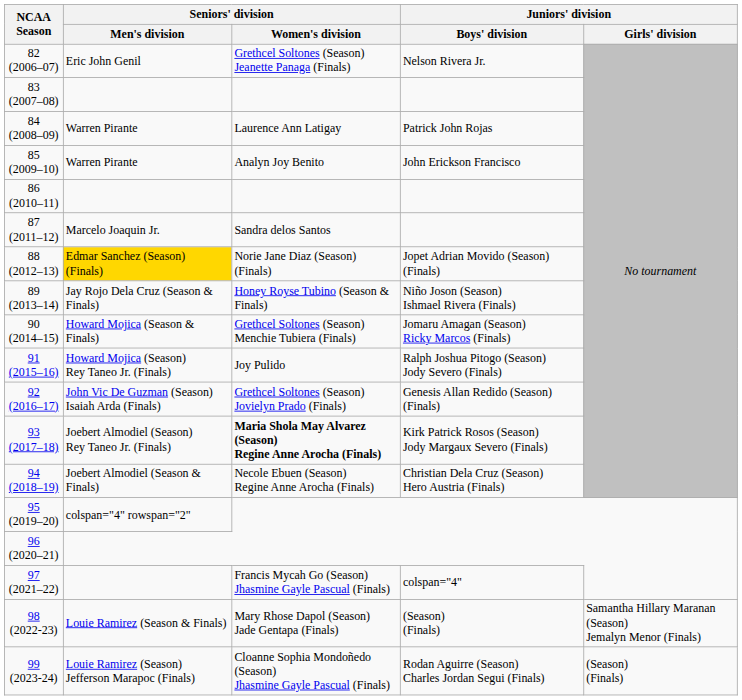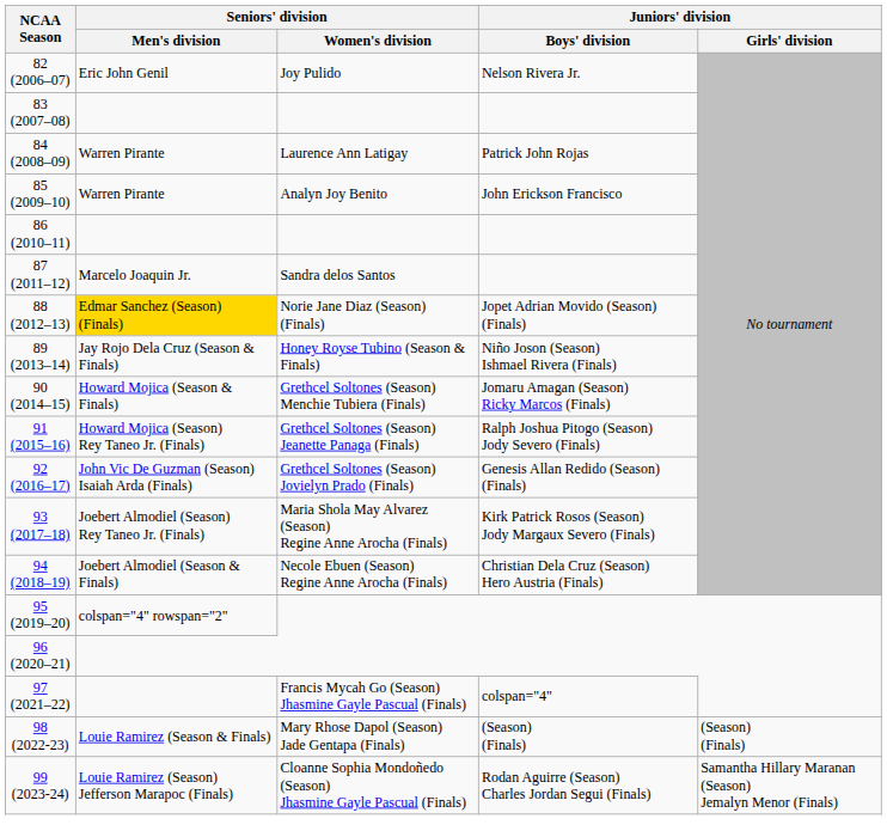 <table class="wikitable" width="100%" style="font-size:90%;">
 <tr>
 <th rowspan=2 width=8%>NCAA Season</th>
 <th colspan=2>Seniors' division</th>
 <th colspan=2>Juniors' division</th>
 </tr>
 <tr>
 <th width=23%>Men's division</th>
 <th width=23%>Women's division</th>
 <th width=25%>Boys' division</th>
 <th width=35%>Girls' division</th>
 </tr>
 <tr>
 <td align="center">82<br>(2006–07)</td>
 <td> Eric John Genil</td>
-<td> <a href='#'>Grethcel Soltones</a> (Season) <br>  <a href='#'>Jeanette Panaga</a> (Finals)</td>
+<td> Joy Pulido</td>
 <td> Nelson Rivera Jr.</td>
 <td rowspan=13 bgcolor=silver align=center><em>No tournament</em></td>
 </tr>
 <tr>
 <td align="center">83<br>(2007–08)</td>
 <td></td>
 <td></td>
 <td></td>
 </tr>
 <tr>
 <td align="center">84<br>(2008–09)</td>
 <td> Warren Pirante</td>
 <td> Laurence Ann Latigay</td>
 <td> Patrick John Rojas</td>
 </tr>
 <tr>
 <td align="center">85<br>(2009–10)</td>
 <td> Warren Pirante</td>
 <td> Analyn Joy Benito</td>
 <td> John Erickson Francisco</td>
 </tr>
 <tr>
 <td align="center">86<br>(2010–11)</td>
 <td></td>
 <td></td>
 <td></td>
 </tr>
 <tr>
 <td align="center">87<br>(2011–12)</td>
 <td> Marcelo Joaquin Jr.</td>
 <td> Sandra delos Santos</td>
 <td></td>
 </tr>
 <tr>
 <td align="center">88<br>(2012–13)</td>
 <td style="background: gold;"> Edmar Sanchez (Season) <br>  (Finals)</td>
 <td> Norie Jane Diaz (Season) <br>  (Finals)</td>
 <td> Jopet Adrian Movido (Season)<br>  (Finals)</td>
 </tr>
 <tr>
 <td align="center">89<br>(2013–14)</td>
 <td> Jay Rojo Dela Cruz (Season & Finals)</td>
 <td> <a href='#'>Honey Royse Tubino</a> (Season & Finals)</td>
 <td> Niño Joson (Season)<br>  Ishmael Rivera (Finals)</td>
 </tr>
 <tr>
 <td align="center">90<br>(2014–15)</td>
 <td> <a href='#'>Howard Mojica</a> (Season & Finals)</td>
 <td> <a href='#'>Grethcel Soltones</a> (Season) <br>  Menchie Tubiera (Finals)</td>
 <td> Jomaru Amagan (Season)<br>  <a href='#'>Ricky Marcos</a> (Finals)</td>
 </tr>
 <tr>
 <td align="center"><a href='#'>91<br>(2015–16)</a></td>
 <td> <a href='#'>Howard Mojica</a> (Season) <br>  Rey Taneo Jr. (Finals)</td>
-<td> Joy Pulido</td>
+<td> <a href='#'>Grethcel Soltones</a> (Season) <br>  <a href='#'>Jeanette Panaga</a> (Finals)</td>
 <td> Ralph Joshua Pitogo (Season)<br>  Jody Severo (Finals)</td>
 </tr>
 <tr>
 <td align="center"><a href='#'>92<br>(2016–17)</a></td>
 <td> <a href='#'>John Vic De Guzman</a> (Season) <br>  Isaiah Arda (Finals)</td>
 <td> <a href='#'>Grethcel Soltones</a> (Season) <br>  <a href='#'>Jovielyn Prado</a> (Finals)</td>
 <td> Genesis Allan Redido (Season)<br>  (Finals)</td>
 </tr>
 <tr>
 <td align="center"><a href='#'>93<br>(2017–18)</a></td>
 <td> Joebert Almodiel (Season) <br>   Rey Taneo Jr. (Finals)</td>
-<td><strong> Maria Shola May Alvarez (Season) <br>  Regine Anne Arocha (Finals)</strong></td>
+<td> Maria Shola May Alvarez (Season) <br>  Regine Anne Arocha (Finals)</td>
 <td> Kirk Patrick Rosos (Season)<br>  Jody Margaux Severo (Finals)</td>
 </tr>
 <tr>
 <td align="center"><a href='#'>94<br>(2018–19)</a></td>
 <td> Joebert Almodiel (Season & Finals)</td>
 <td> Necole Ebuen (Season) <br>  Regine Anne Arocha (Finals)</td>
 <td> Christian Dela Cruz (Season)<br>  Hero Austria (Finals)</td>
 </tr>
 <tr>
 <td align="center"><a href='#'>95</a><br>(2019–20)</td>
 <td>colspan="4" rowspan="2" </td>
 </tr>
 <tr>
 <td align="center"><a href='#'>96</a><br>(2020–21)</td>
 </tr>
 <tr>
 <td align="center"><a href='#'>97</a><br>(2021–22)</td>
 <td></td>
 <td> Francis Mycah Go (Season) <br>  <a href='#'>Jhasmine Gayle Pascual</a> (Finals)</td>
 <td>colspan="4" </td>
 </tr>
 <tr>
 <td align="center"><a href='#'>98</a><br>(2022-23)</td>
 <td> <a href='#'>Louie Ramirez</a> (Season & Finals)</td>
 <td> Mary Rhose Dapol (Season) <br>  Jade Gentapa (Finals)</td>
 <td> (Season) <br>  (Finals)</td>
-<td> Samantha Hillary Maranan (Season) <br>  Jemalyn Menor (Finals)</td>
+<td> (Season) <br>  (Finals)</td>
 </tr>
 <tr>
 <td align="center"><a href='#'>99</a><br>(2023-24)</td>
 <td> <a href='#'>Louie Ramirez</a> (Season) <br>  Jefferson Marapoc (Finals)</td>
 <td> Cloanne Sophia Mondoñedo (Season) <br>  <a href='#'>Jhasmine Gayle Pascual</a> (Finals)</td>
 <td> Rodan Aguirre (Season) <br>  Charles Jordan Segui (Finals)</td>
-<td> (Season) <br>  (Finals)</td>
+<td> Samantha Hillary Maranan (Season) <br>  Jemalyn Menor (Finals)</td>
 </tr>
 </table>
